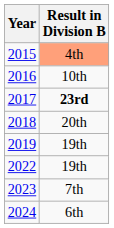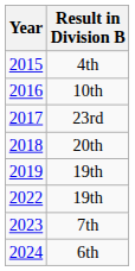 <table class="wikitable" style="text-align:center">
 <tr>
 <th>Year</th>
 <th>Result in<br>Division B</th>
 </tr>
 <tr>
 <td><a href='#'>2015</a></td>
-<td style="background: lightsalmon;">4th</td>
+<td>4th</td>
 </tr>
 <tr>
 <td><a href='#'>2016</a></td>
 <td>10th</td>
 </tr>
 <tr>
 <td><a href='#'>2017</a></td>
-<td><strong>23rd</strong></td>
+<td>23rd</td>
 </tr>
 <tr>
 <td><a href='#'>2018</a></td>
 <td>20th</td>
 </tr>
 <tr>
 <td><a href='#'>2019</a></td>
 <td>19th</td>
 </tr>
 <tr>
 <td><a href='#'>2022</a></td>
 <td>19th</td>
 </tr>
 <tr>
 <td><a href='#'>2023</a></td>
 <td>7th</td>
 </tr>
 <tr>
 <td><a href='#'>2024</a></td>
 <td>6th</td>
 </tr>
 </table>
